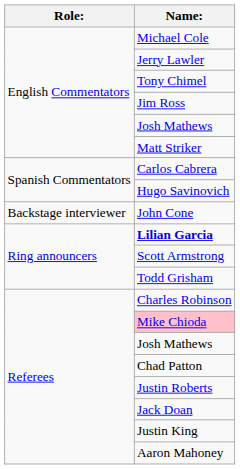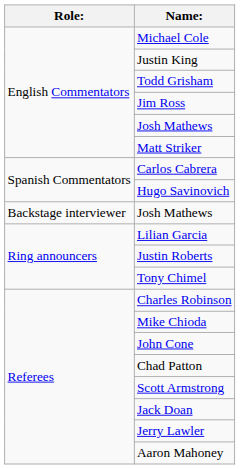 <table class=wikitable style="font-size:90%; margin: 0.5em 0 0.5em 1em; float: right; clear: right;">
 <tr>
 <th>Role:</th>
 <th>Name:</th>
 </tr>
 <tr>
 <td rowspan=6>English <a href='#'>Commentators</a></td>
 <td><a href='#'>Michael Cole</a> </td>
 </tr>
 <tr>
-<td><a href='#'>Jerry Lawler</a> </td>
+<td>Justin King</td>
 </tr>
 <tr>
-<td><a href='#'>Tony Chimel</a> </td>
+<td><a href='#'>Todd Grisham</a> </td>
 </tr>
 <tr>
 <td><a href='#'>Jim Ross</a> </td>
 </tr>
 <tr>
 <td><a href='#'>Josh Mathews</a> </td>
 </tr>
 <tr>
 <td><a href='#'>Matt Striker</a> </td>
 </tr>
 <tr>
 <td rowspan=2>Spanish Commentators</td>
 <td><a href='#'>Carlos Cabrera</a></td>
 </tr>
 <tr>
 <td><a href='#'>Hugo Savinovich</a></td>
 </tr>
 <tr>
 <td>Backstage interviewer</td>
-<td><a href='#'>John Cone</a></td>
+<td>Josh Mathews</td>
 </tr>
 <tr>
 <td rowspan=3><a href='#'>Ring announcers</a></td>
-<td><strong><a href='#'>Lilian Garcia</a> </strong></td>
+<td><a href='#'>Lilian Garcia</a> </td>
 </tr>
 <tr>
-<td><a href='#'>Scott Armstrong</a></td>
+<td><a href='#'>Justin Roberts</a> </td>
 </tr>
 <tr>
-<td><a href='#'>Todd Grisham</a> </td>
+<td><a href='#'>Tony Chimel</a> </td>
 </tr>
 <tr>
 <td rowspan=8><a href='#'>Referees</a></td>
 <td><a href='#'>Charles Robinson</a></td>
 </tr>
 <tr>
-<td style="background: pink;"><a href='#'>Mike Chioda</a></td>
+<td><a href='#'>Mike Chioda</a></td>
 </tr>
 <tr>
-<td>Josh Mathews</td>
+<td><a href='#'>John Cone</a></td>
 </tr>
 <tr>
 <td>Chad Patton</td>
 </tr>
 <tr>
-<td><a href='#'>Justin Roberts</a> </td>
+<td><a href='#'>Scott Armstrong</a></td>
 </tr>
 <tr>
 <td><a href='#'>Jack Doan</a></td>
 </tr>
 <tr>
-<td>Justin King</td>
+<td><a href='#'>Jerry Lawler</a> </td>
 </tr>
 <tr>
 <td>Aaron Mahoney</td>
 </tr>
 </table>
